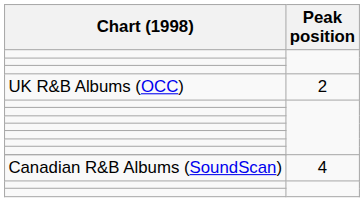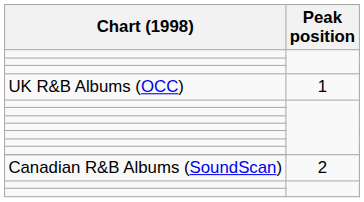 <table class="wikitable sortable">
 <tr>
 <th>Chart (1998)</th>
 <th>Peak<br>position</th>
 </tr>
 <tr>
 <td></td>
 </tr>
 <tr>
 <td></td>
 </tr>
 <tr>
 <td></td>
 </tr>
 <tr>
 <td>UK R&B Albums (<a href='#'>OCC</a>)</td>
-<td align="center">2</td>
+<td align="center">1</td>
 </tr>
 <tr>
 <td></td>
 </tr>
 <tr>
 <td></td>
 </tr>
 <tr>
 <td></td>
 </tr>
 <tr>
 <td></td>
 </tr>
 <tr>
 <td></td>
 </tr>
 <tr>
 <td></td>
 </tr>
 <tr>
 <td></td>
 </tr>
 <tr>
 </tr>
 <tr>
 <td>Canadian R&B Albums (<a href='#'>SoundScan</a>)</td>
-<td style="text-align:center;">4</td>
+<td style="text-align:center;">2</td>
 </tr>
 <tr>
 <td></td>
 </tr>
 <tr>
 <td></td>
 </tr>
 </table>
